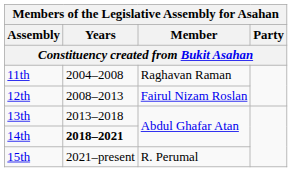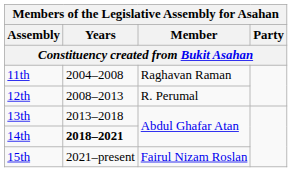 <table class=wikitable>
 <tr>
 <th colspan=4>Members of the Legislative Assembly for Asahan</th>
 </tr>
 <tr>
 <th>Assembly</th>
 <th>Years</th>
 <th>Member</th>
 <th>Party</th>
 </tr>
 <tr>
 <th colspan=4 align=center><em>Constituency created from <a href='#'>Bukit Asahan</a></em></th>
 </tr>
 <tr>
 <td><a href='#'>11th</a></td>
 <td>2004–2008</td>
 <td>Raghavan Raman</td>
 <td rowspan="2"></td>
 </tr>
 <tr>
 <td><a href='#'>12th</a></td>
 <td>2008–2013</td>
-<td><a href='#'>Fairul Nizam Roslan</a></td>
+<td>R. Perumal</td>
 </tr>
 <tr>
 <td><a href='#'>13th</a></td>
 <td>2013–2018</td>
 <td rowspan="2"><a href='#'>Abdul Ghafar Atan</a></td>
 <td rowspan="3"></td>
 </tr>
 <tr>
 <td><a href='#'>14th</a></td>
 <td><strong>2018–2021</strong></td>
 </tr>
 <tr>
 <td><a href='#'>15th</a></td>
 <td>2021–present</td>
-<td>R. Perumal</td>
+<td><a href='#'>Fairul Nizam Roslan</a></td>
 </tr>
 </table>
